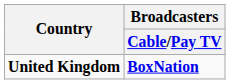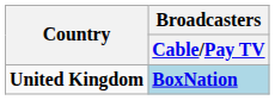 <table class="wikitable">
 <tr>
 <th rowspan="2">Country</th>
 <th colspan="2">Broadcasters</th>
 </tr>
 <tr>
 <th><a href='#'>Cable</a>/<a href='#'>Pay TV</a></th>
 </tr>
 <tr>
 <td><strong>United Kingdom</strong></td>
-<td><strong><a href='#'>BoxNation</a></strong></td>
+<td style="background: lightblue;"><strong><a href='#'>BoxNation</a></strong></td>
 </tr>
 </table>
